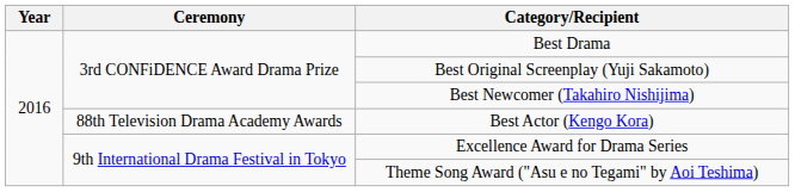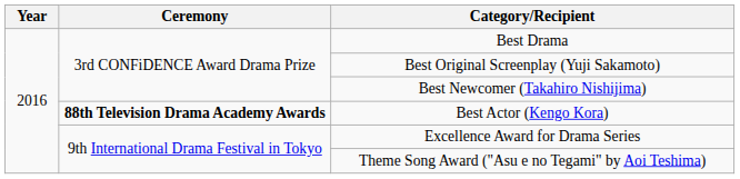 <table class="wikitable">
 <tr>
 <th style="width:50px;">Year</th>
 <th style="width:280px;">Ceremony</th>
 <th style="width:420px;">Category/Recipient</th>
 </tr>
 <tr>
 <td align="center" rowspan=6>2016</td>
 <td align="center" rowspan=3>3rd CONFiDENCE Award Drama Prize</td>
 <td align="center">Best Drama</td>
 </tr>
 <tr>
 <td align="center">Best Original Screenplay (Yuji Sakamoto)</td>
 </tr>
 <tr>
 <td align="center">Best Newcomer (<a href='#'>Takahiro Nishijima</a>)</td>
 </tr>
 <tr>
-<td align="center" rowspan=1>88th Television Drama Academy Awards</td>
+<td align="center" rowspan=1><strong>88th Television Drama Academy Awards</strong></td>
 <td align="center">Best Actor (<a href='#'>Kengo Kora</a>)</td>
 </tr>
 <tr>
 <td align="center" rowspan=2>9th <a href='#'>International Drama Festival in Tokyo</a></td>
 <td align="center">Excellence Award for Drama Series</td>
 </tr>
 <tr>
 <td align="center">Theme Song Award ("Asu e no Tegami" by <a href='#'>Aoi Teshima</a>)</td>
 </tr>
 </table>
